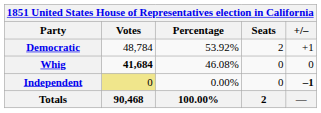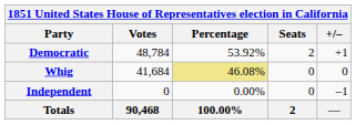 <table class=wikitable>
 <tr>
 <th colspan=6><a href='#'>1851 United States House of Representatives election in California</a></th>
 </tr>
 <tr>
 <th>Party</th>
 <th>Votes</th>
 <th>Percentage</th>
 <th>Seats</th>
 <th>+/–</th>
 </tr>
 <tr>
 <th><a href='#'>Democratic</a></th>
 <td align=right>48,784</td>
 <td align=right>53.92%</td>
 <td align=right>2</td>
 <td align=right>+1</td>
 </tr>
 <tr>
 <th><a href='#'>Whig</a></th>
-<td align=right><strong>41,684</strong></td>
-<td align=right>46.08%</td>
+<td align=right>41,684</td>
+<td align=right style="background: khaki;">46.08%</td>
 <td align=right>0</td>
 <td align=right>0</td>
 </tr>
 <tr>
 <th><a href='#'>Independent</a></th>
-<td align=right style="background: khaki;">0</td>
+<td align=right>0</td>
 <td align=right>0.00%</td>
 <td align=right>0</td>
-<td align=right><strong>–1</strong></td>
+<td align=right>–1</td>
 </tr>
 <tr>
 <th>Totals</th>
 <th>90,468</th>
 <th>100.00%</th>
 <th>2</th>
 <th>—</th>
 </tr>
 </table>
